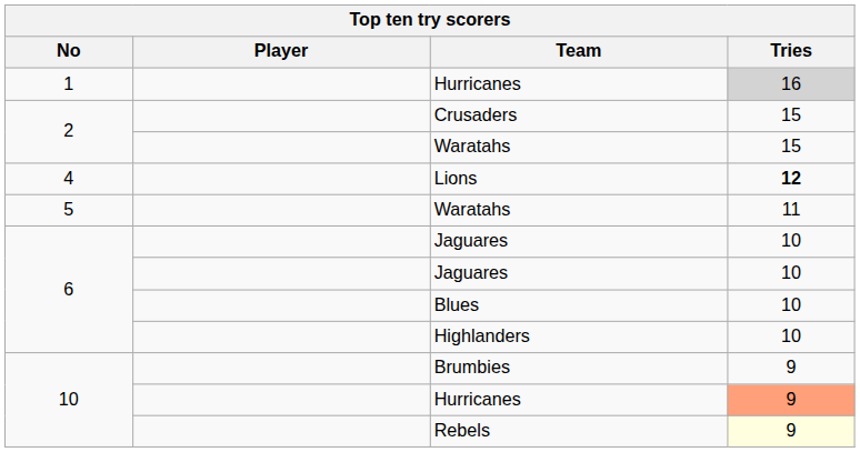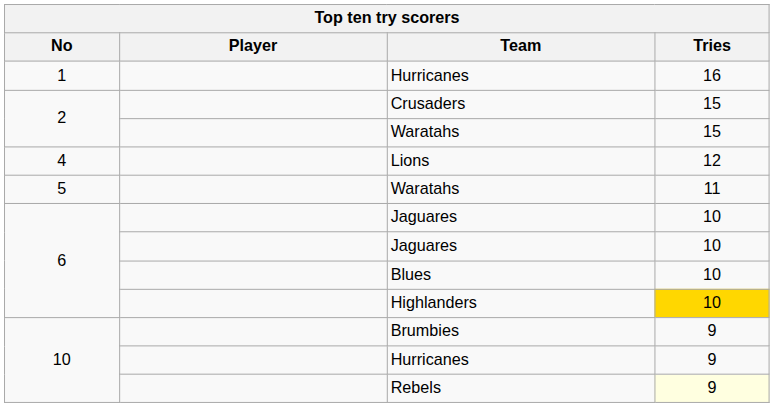 <table class="wikitable collapsible sortable" style="text-align:left; line-height:130%; width:60%;">
 <tr>
 <th colspan="100%">Top ten try scorers</th>
 </tr>
 <tr>
 <th style="width:15%;">No</th>
 <th style="width:35%;">Player</th>
 <th style="width:35%;">Team</th>
 <th style="width:15%;">Tries<br></th>
 </tr>
 <tr>
 <td style="text-align:center;">1</td>
 <td> </td>
 <td>Hurricanes</td>
-<td style="background: lightgrey; text-align:center;">16</td>
+<td style="text-align:center;">16</td>
 </tr>
 <tr>
 <td rowspan="2" style="text-align:center;">2</td>
 <td> </td>
 <td>Crusaders</td>
 <td style="text-align:center;">15</td>
 </tr>
 <tr>
 <td> </td>
 <td>Waratahs</td>
 <td style="text-align:center;">15</td>
 </tr>
 <tr>
 <td style="text-align:center;">4</td>
 <td> </td>
 <td>Lions</td>
-<td style="text-align:center;"><strong>12</strong></td>
+<td style="text-align:center;">12</td>
 </tr>
 <tr>
 <td style="text-align:center;">5</td>
 <td> </td>
 <td>Waratahs</td>
 <td style="text-align:center;">11</td>
 </tr>
 <tr>
 <td rowspan="4" style="text-align:center;">6</td>
 <td> </td>
 <td>Jaguares</td>
 <td style="text-align:center;">10</td>
 </tr>
 <tr>
 <td> </td>
 <td>Jaguares</td>
 <td style="text-align:center;">10</td>
 </tr>
 <tr>
 <td> </td>
 <td>Blues</td>
 <td style="text-align:center;">10</td>
 </tr>
 <tr>
 <td> </td>
 <td>Highlanders</td>
-<td style="text-align:center;">10</td>
+<td style="background: gold; text-align:center;">10</td>
 </tr>
 <tr>
 <td rowspan="3" style="text-align:center;">10</td>
 <td> </td>
 <td>Brumbies</td>
 <td style="text-align:center;">9</td>
 </tr>
 <tr>
 <td> </td>
 <td>Hurricanes</td>
-<td style="background: lightsalmon; text-align:center;">9</td>
+<td style="text-align:center;">9</td>
 </tr>
 <tr>
 <td> </td>
 <td>Rebels</td>
 <td style="background: lightyellow; text-align:center;">9</td>
 </tr>
 </table>
